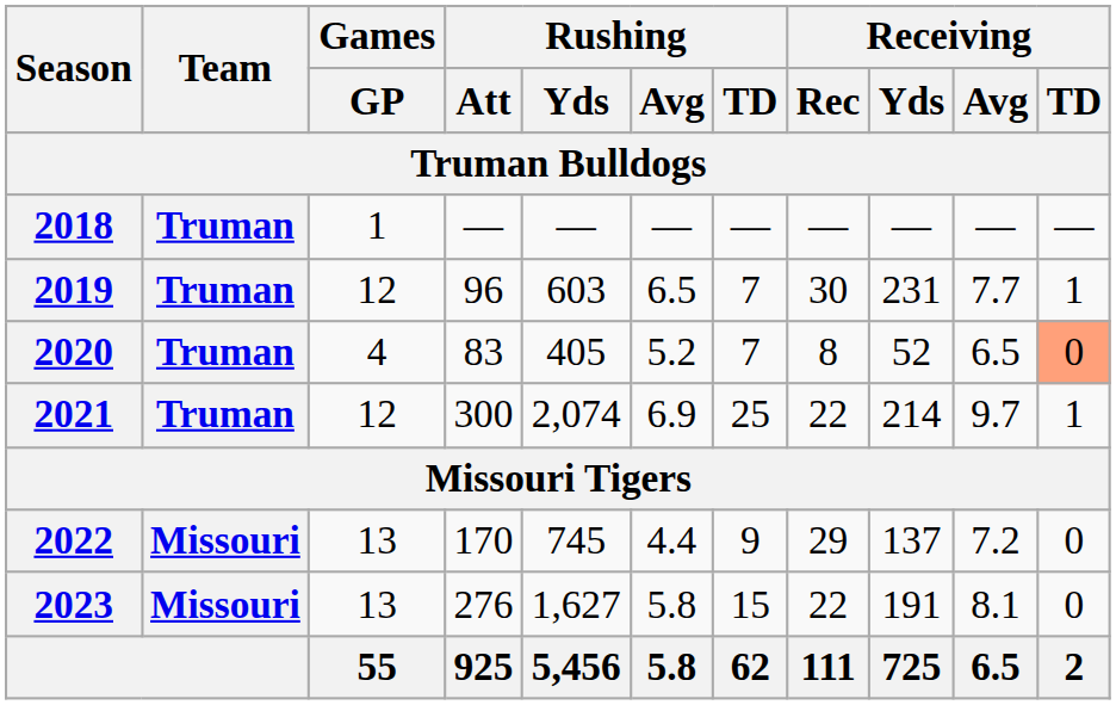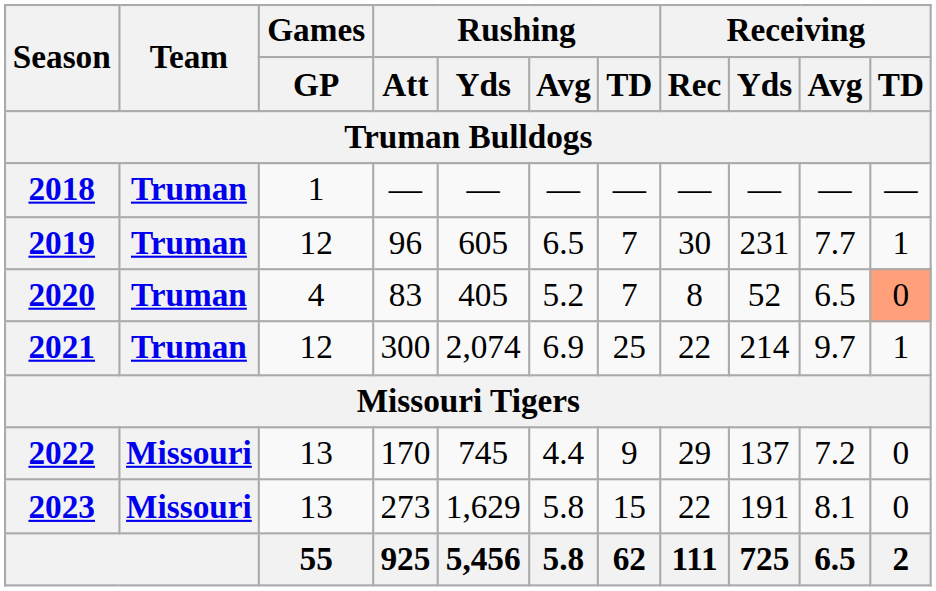 <table class=wikitable style="text-align:center;">
 <tr>
 <th rowspan="2">Season</th>
 <th rowspan="2">Team</th>
 <th colspan="1">Games</th>
 <th colspan="4">Rushing</th>
 <th colspan="4">Receiving</th>
 </tr>
 <tr>
 <th>GP</th>
 <th>Att</th>
 <th>Yds</th>
 <th>Avg</th>
 <th>TD</th>
 <th>Rec</th>
 <th>Yds</th>
 <th>Avg</th>
 <th>TD</th>
 </tr>
 <tr>
 <th colspan="18">Truman Bulldogs</th>
 </tr>
 <tr>
 <th><a href='#'>2018</a></th>
 <th><a href='#'>Truman</a></th>
 <td>1</td>
 <td>—</td>
 <td>—</td>
 <td>—</td>
 <td>—</td>
 <td>—</td>
 <td>—</td>
 <td>—</td>
 <td>—</td>
 </tr>
 <tr>
 <th><a href='#'>2019</a></th>
 <th><a href='#'>Truman</a></th>
 <td>12</td>
 <td>96</td>
-<td>603</td>
+<td>605</td>
 <td>6.5</td>
 <td>7</td>
 <td>30</td>
 <td>231</td>
 <td>7.7</td>
 <td>1</td>
 </tr>
 <tr>
 <th><a href='#'>2020</a></th>
 <th><a href='#'>Truman</a></th>
 <td>4</td>
 <td>83</td>
 <td>405</td>
 <td>5.2</td>
 <td>7</td>
 <td>8</td>
 <td>52</td>
 <td>6.5</td>
 <td style="background: lightsalmon;">0</td>
 </tr>
 <tr>
 <th><a href='#'>2021</a></th>
 <th><a href='#'>Truman</a></th>
 <td>12</td>
 <td>300</td>
 <td>2,074</td>
 <td>6.9</td>
 <td>25</td>
 <td>22</td>
 <td>214</td>
 <td>9.7</td>
 <td>1</td>
 </tr>
 <tr>
 <th colspan="18">Missouri Tigers</th>
 </tr>
 <tr>
 <th><a href='#'>2022</a></th>
 <th><a href='#'>Missouri</a></th>
 <td>13</td>
 <td>170</td>
 <td>745</td>
 <td>4.4</td>
 <td>9</td>
 <td>29</td>
 <td>137</td>
 <td>7.2</td>
 <td>0</td>
 </tr>
 <tr>
 <th><a href='#'>2023</a></th>
 <th><a href='#'>Missouri</a></th>
 <td>13</td>
-<td>276</td>
-<td>1,627</td>
+<td>273</td>
+<td>1,629</td>
 <td>5.8</td>
 <td>15</td>
 <td>22</td>
 <td>191</td>
 <td>8.1</td>
 <td>0</td>
 </tr>
 <tr>
 <th colspan="2"></th>
 <th>55</th>
 <th>925</th>
 <th>5,456</th>
 <th>5.8</th>
 <th>62</th>
 <th>111</th>
 <th>725</th>
 <th>6.5</th>
 <th>2</th>
 </tr>
 </table>
